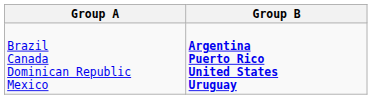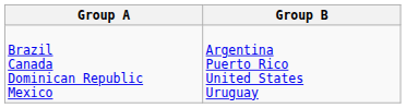 <table class=wikitable style="font-size: ;">
 <tr>
 <th width=200px>Group A</th>
 <th width=200px>Group B</th>
 </tr>
 <tr>
 <td><br> <a href='#'>Brazil</a> <br>  <a href='#'>Canada</a> <br>  <a href='#'>Dominican Republic</a> <br>  <a href='#'>Mexico</a> <br></td>
-<td><strong><br> <a href='#'>Argentina</a> <br>  <a href='#'>Puerto Rico</a> <br>  <a href='#'>United States</a> <br>  <a href='#'>Uruguay</a><br></strong></td>
+<td><br> <a href='#'>Argentina</a> <br>  <a href='#'>Puerto Rico</a> <br>  <a href='#'>United States</a> <br>  <a href='#'>Uruguay</a><br></td>
 </tr>
 </table>
